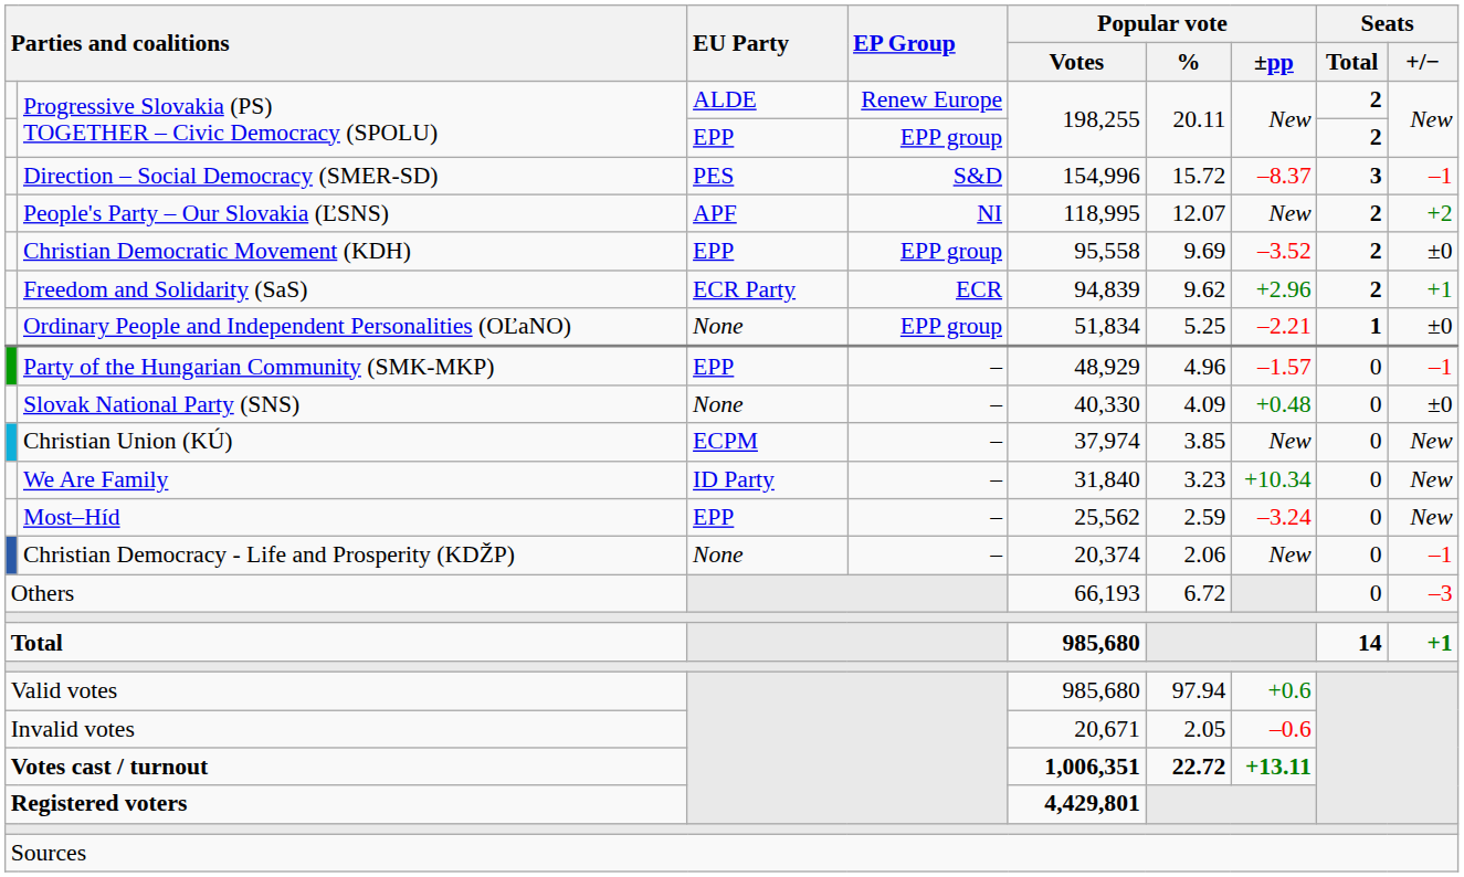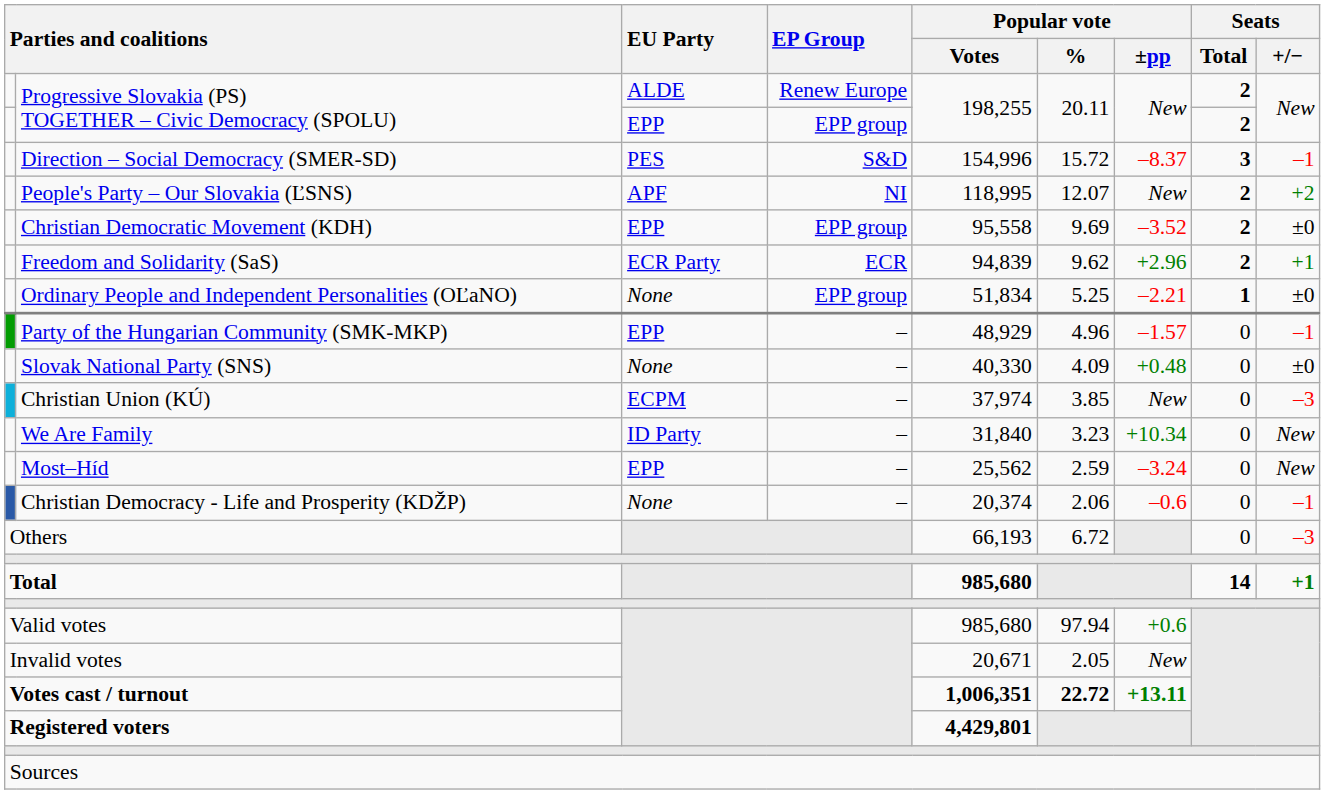 <table class="wikitable" style="text-align:right;">
 <tr>
 <th style="text-align:left;" rowspan="2" colspan="2" width="450">Parties and coalitions</th>
 <th style="text-align:left;" rowspan="2" width="100">EU Party</th>
 <th style="text-align:left;" rowspan="2" width="100"><a href='#'>EP Group</a></th>
 <th colspan="3">Popular vote</th>
 <th colspan="2">Seats</th>
 </tr>
 <tr>
 <th width="85">Votes</th>
 <th width="50">%</th>
 <th width="50">±<a href='#'>pp</a></th>
 <th width="40">Total</th>
 <th width="40">+/−</th>
 </tr>
 <tr>
 <td width="1" style="color:inherit;background:"></td>
 <td align="left" rowspan="2"><a href='#'>Progressive Slovakia</a> (PS)<br><a href='#'>TOGETHER – Civic Democracy</a> (SPOLU)</td>
 <td align=left><a href='#'>ALDE</a></td>
 <td><a href='#'>Renew Europe</a></td>
 <td rowspan="2">198,255</td>
 <td rowspan="2">20.11</td>
 <td rowspan="2"><em>New</em></td>
 <td><strong>2</strong></td>
 <td rowspan="2"><em>New</em></td>
 </tr>
 <tr>
 <td width="1" style="color:inherit;background:"></td>
 <td align=left><a href='#'>EPP</a></td>
 <td><a href='#'>EPP group</a></td>
 <td><strong>2</strong></td>
 </tr>
 <tr>
 <td width="1" style="color:inherit;background:"></td>
 <td align="left"><a href='#'>Direction – Social Democracy</a> (SMER-SD)</td>
 <td align=left><a href='#'>PES</a></td>
 <td><a href='#'>S&D</a></td>
 <td>154,996</td>
 <td>15.72</td>
 <td style="color:red;">–8.37</td>
 <td><strong>3</strong></td>
 <td style="color:red;">–1</td>
 </tr>
 <tr>
 <td width="1" style="color:inherit;background:"></td>
 <td align="left"><a href='#'>People's Party – Our Slovakia</a> (ĽSNS)</td>
 <td align=left><a href='#'>APF</a></td>
 <td><a href='#'>NI</a></td>
 <td>118,995</td>
 <td>12.07</td>
 <td><em>New</em></td>
 <td><strong>2</strong></td>
 <td style="color:green;">+2</td>
 </tr>
 <tr>
 <td width="1" style="color:inherit;background:"></td>
 <td align="left"><a href='#'>Christian Democratic Movement</a> (KDH)</td>
 <td align=left><a href='#'>EPP</a></td>
 <td><a href='#'>EPP group</a></td>
 <td>95,558</td>
 <td>9.69</td>
 <td style="color:red;">–3.52</td>
 <td><strong>2</strong></td>
 <td>±0</td>
 </tr>
 <tr>
 <td width="1" style="color:inherit;background:"></td>
 <td align="left"><a href='#'>Freedom and Solidarity</a> (SaS)</td>
 <td align=left><a href='#'>ECR Party</a></td>
 <td><a href='#'>ECR</a></td>
 <td>94,839</td>
 <td>9.62</td>
 <td style="color:green;">+2.96</td>
 <td><strong>2</strong></td>
 <td style="color:green;">+1</td>
 </tr>
 <tr>
 <td width="1" style="color:inherit;background:"></td>
 <td align="left"><a href='#'>Ordinary People and Independent Personalities</a> (OĽaNO)</td>
 <td align=left><em>None</em></td>
 <td><a href='#'>EPP group</a></td>
 <td>51,834</td>
 <td>5.25</td>
 <td style="color:red;">–2.21</td>
 <td><strong>1</strong></td>
 <td>±0</td>
 </tr>
 <tr style="border-top:2px solid gray;">
 <td width="1" style="color:inherit;background:#029C02"></td>
 <td align="left"><a href='#'>Party of the Hungarian Community</a> (SMK-MKP)</td>
 <td align=left><a href='#'>EPP</a></td>
 <td>–</td>
 <td>48,929</td>
 <td>4.96</td>
 <td style="color:red;">–1.57</td>
 <td>0</td>
 <td style="color:red;">–1</td>
 </tr>
 <tr>
 <td width="1" style="color:inherit;background:"></td>
 <td align="left"><a href='#'>Slovak National Party</a> (SNS)</td>
 <td align=left><em>None</em></td>
 <td>–</td>
 <td>40,330</td>
 <td>4.09</td>
 <td style="color:green;">+0.48</td>
 <td>0</td>
 <td>±0</td>
 </tr>
 <tr>
 <td width="1" style="color:inherit;background:#0DB0DA"></td>
 <td align="left">Christian Union (KÚ)</td>
 <td align=left><a href='#'>ECPM</a></td>
 <td>–</td>
 <td>37,974</td>
 <td>3.85</td>
 <td><em>New</em></td>
 <td>0</td>
-<td><em>New</em></td>
+<td style="color:red;">–3</td>
 </tr>
 <tr>
 <td width="1" style="color:inherit;background:"></td>
 <td align="left"><a href='#'>We Are Family</a></td>
 <td align=left><a href='#'>ID Party</a></td>
 <td>–</td>
 <td>31,840</td>
 <td>3.23</td>
 <td style="color:green;">+10.34</td>
 <td>0</td>
 <td><em>New</em></td>
 </tr>
 <tr>
 <td width="1" style="color:inherit;background:"></td>
 <td align="left"><a href='#'>Most–Híd</a></td>
 <td align=left><a href='#'>EPP</a></td>
 <td>–</td>
 <td>25,562</td>
 <td>2.59</td>
 <td style="color:red;">–3.24</td>
 <td>0</td>
 <td><em>New</em></td>
 </tr>
 <tr>
 <td width="1" bgcolor="2a59a7"></td>
 <td align="left">Christian Democracy - Life and Prosperity (KDŽP)</td>
 <td align=left><em>None</em></td>
 <td>–</td>
 <td>20,374</td>
 <td>2.06</td>
-<td><em>New</em></td>
+<td style="color:red;">–0.6</td>
 <td>0</td>
 <td style="color:red;">–1</td>
 </tr>
 <tr>
 <td align="left" colspan="2">Others</td>
 <td bgcolor="#E9E9E9" colspan="2"></td>
 <td>66,193</td>
 <td>6.72</td>
 <td style="color:inherit;background:#E9E9E9"></td>
 <td>0</td>
 <td style="color:red;">–3</td>
 </tr>
 <tr>
 <td colspan="9" bgcolor="#E9E9E9"></td>
 </tr>
 <tr style="font-weight:bold;">
 <td align="left" colspan="2">Total</td>
 <td bgcolor="#E9E9E9" colspan="2"></td>
 <td>985,680</td>
 <td bgcolor="#E9E9E9" colspan="2"></td>
 <td>14</td>
 <td style="color:green;">+1</td>
 </tr>
 <tr>
 <td colspan="9" bgcolor="#E9E9E9"></td>
 </tr>
 <tr>
 <td align="left" colspan="2">Valid votes</td>
 <td bgcolor="#E9E9E9" colspan="2" rowspan="4"></td>
 <td>985,680</td>
 <td>97.94</td>
 <td style="color:green;">+0.6</td>
 <td bgcolor="#E9E9E9" colspan="2" rowspan="4"></td>
 </tr>
 <tr>
 <td align="left" colspan="2">Invalid votes</td>
 <td>20,671</td>
 <td>2.05</td>
-<td style="color:red;">–0.6</td>
+<td><em>New</em></td>
 </tr>
 <tr style="font-weight:bold;">
 <td align="left" colspan="2">Votes cast / turnout</td>
 <td>1,006,351</td>
 <td>22.72</td>
 <td style="color:green;">+13.11</td>
 </tr>
 <tr style="font-weight:bold;">
 <td align="left" colspan="2">Registered voters</td>
 <td>4,429,801</td>
 <td bgcolor="#E9E9E9" colspan="2"></td>
 </tr>
 <tr>
 <td colspan="9" bgcolor="#E9E9E9"></td>
 </tr>
 <tr>
 <td align="left" colspan="9">Sources</td>
 </tr>
 </table>
